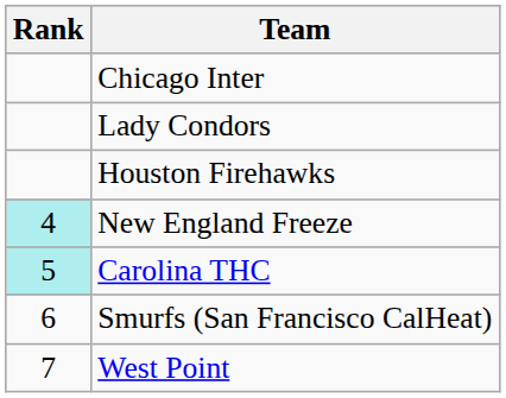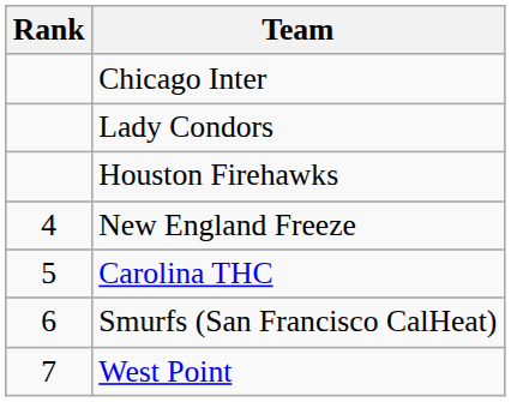 <table class="wikitable">
 <tr>
 <th>Rank</th>
 <th>Team</th>
 </tr>
 <tr>
 <td align=center></td>
 <td align="left">Chicago Inter</td>
 </tr>
 <tr>
 <td align=center></td>
 <td align="left">Lady Condors</td>
 </tr>
 <tr>
 <td align=center></td>
 <td align="left">Houston Firehawks</td>
 </tr>
 <tr>
-<td align=center style="background: paleturquoise;">4</td>
+<td align=center>4</td>
 <td align="left">New England Freeze</td>
 </tr>
 <tr>
-<td align=center style="background: paleturquoise;">5</td>
+<td align=center>5</td>
 <td align="left"><a href='#'>Carolina THC</a></td>
 </tr>
 <tr>
 <td align=center>6</td>
 <td align="left">Smurfs (San Francisco CalHeat)</td>
 </tr>
 <tr>
 <td align=center>7</td>
 <td align="left"><a href='#'>West Point</a></td>
 </tr>
 </table>
